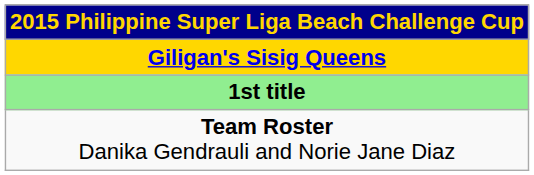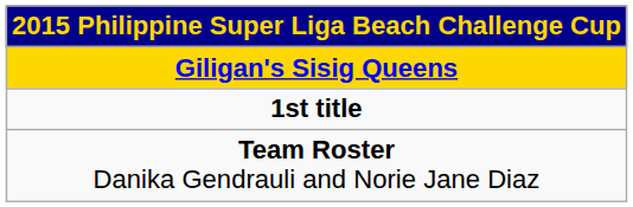 <table class=wikitable style="text-align:center; margin:auto;">
 <tr>
 <th style="background:#00008B; color:#FFD700;">2015 Philippine Super Liga Beach Challenge Cup</th>
 </tr>
 <tr bgcolor="gold">
 <td><strong><a href='#'>Giligan's Sisig Queens</a></strong></td>
 </tr>
 <tr>
-<td style="background: lightgreen;"><strong>1st title</strong></td>
+<td><strong>1st title</strong></td>
 </tr>
 <tr>
 <td><strong>Team Roster</strong><br>Danika Gendrauli and Norie Jane Diaz</td>
 </tr>
 </table>
